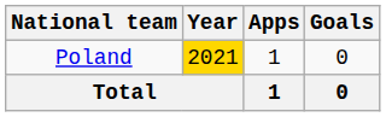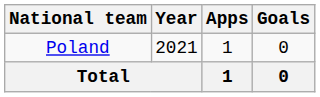 <table class="wikitable" style="text-align:center">
 <tr>
 <th>National team</th>
 <th>Year</th>
 <th>Apps</th>
 <th>Goals</th>
 </tr>
 <tr>
 <td><a href='#'>Poland</a></td>
-<td style="background: gold;">2021</td>
+<td>2021</td>
 <td>1</td>
 <td>0</td>
 </tr>
 <tr>
 <th colspan="2">Total</th>
 <th>1</th>
 <th>0</th>
 </tr>
 </table>
